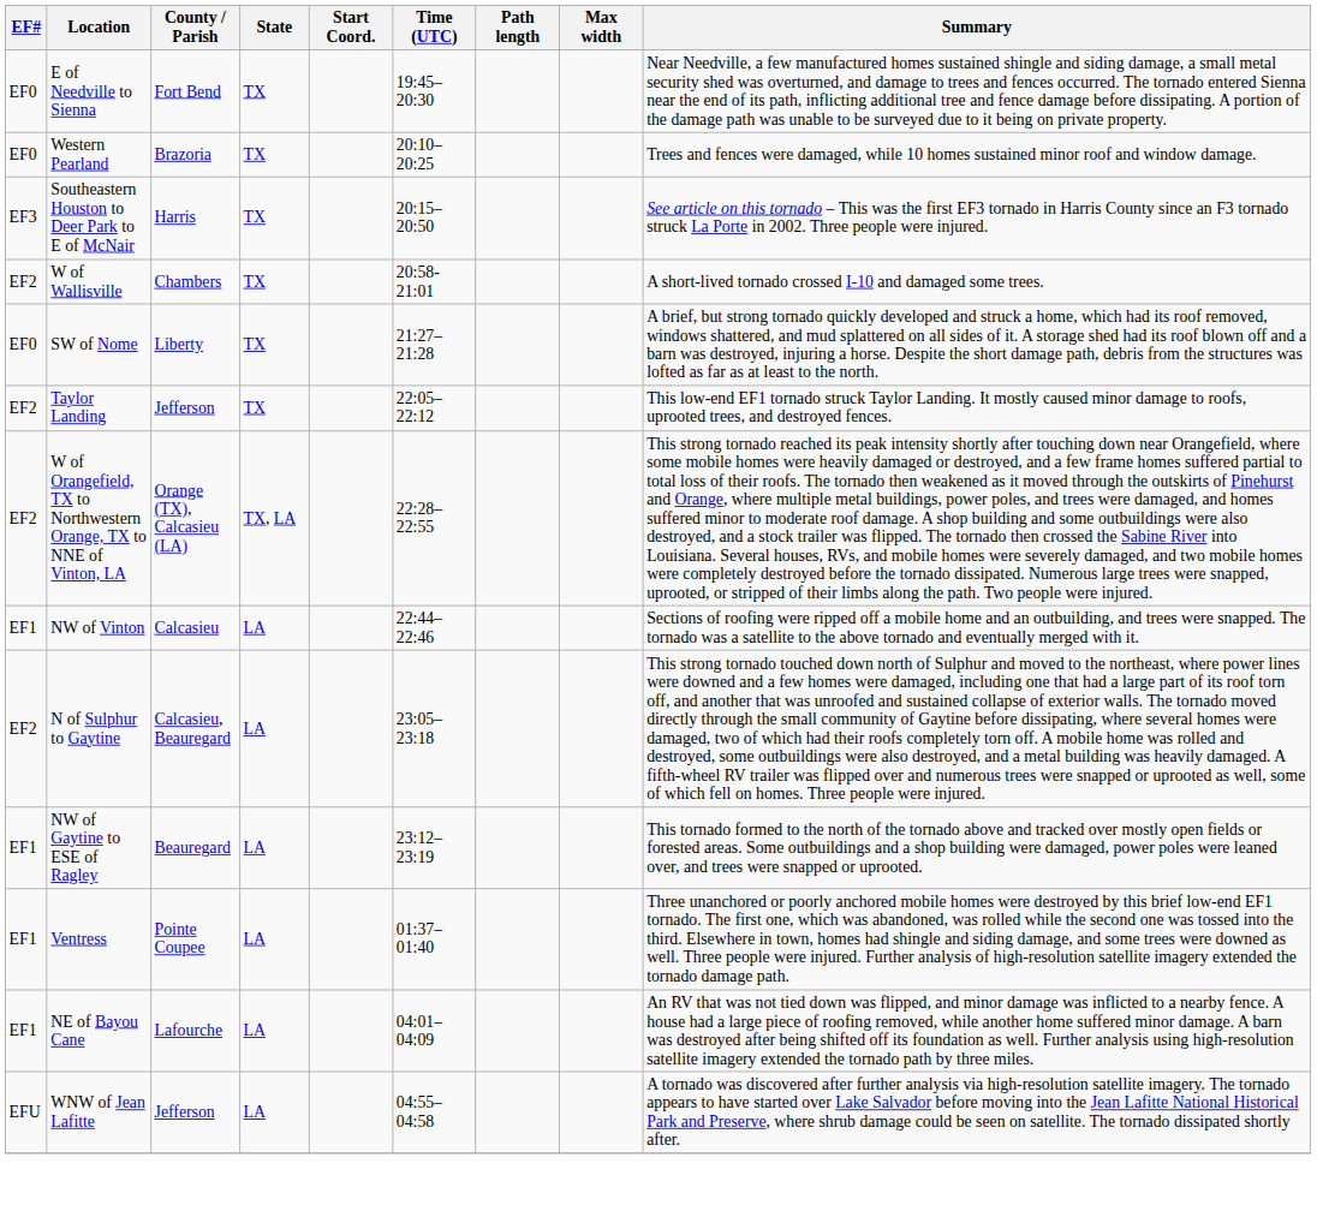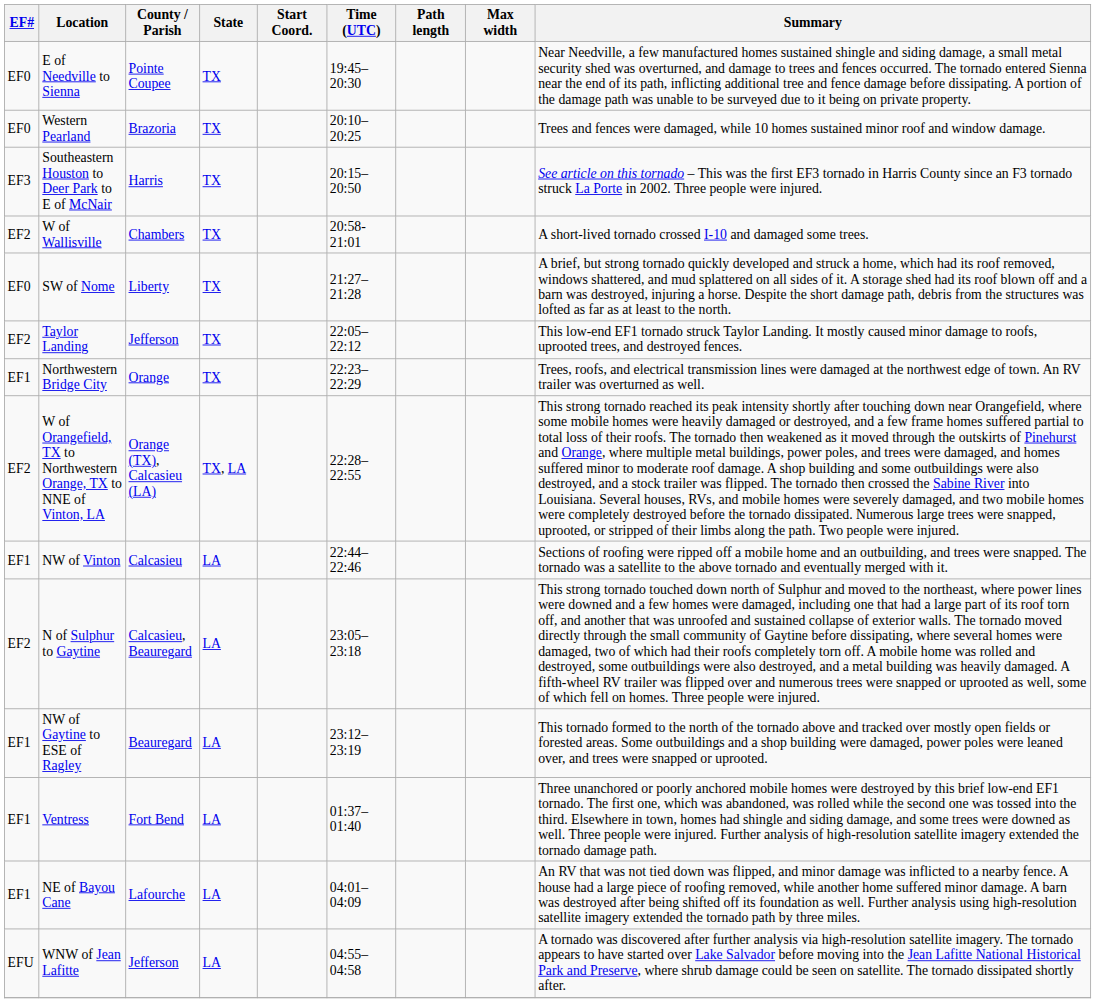 <table class="wikitable sortable" style="width:100%;">
 <tr>
 <th scope="col"  style="width:3%; text-align:center;"><a href='#'>EF#</a></th>
 <th scope="col"  style="width:7%; text-align:center;" class="unsortable">Location</th>
 <th scope="col"  style="width:6%; text-align:center;" class="unsortable">County / Parish</th>
 <th scope="col"  style="width:5%; text-align:center;">State</th>
 <th scope="col"  style="width:6%; text-align:center;">Start Coord.</th>
 <th scope="col"  style="width:6%; text-align:center;">Time (<a href='#'>UTC</a>)</th>
 <th scope="col"  style="width:6%; text-align:center;">Path length</th>
 <th scope="col"  style="width:6%; text-align:center;">Max width</th>
 <th scope="col" class="unsortable" style="width:48%; text-align:center;">Summary</th>
 </tr>
 <tr>
 <td>EF0</td>
 <td>E of <a href='#'>Needville</a> to <a href='#'>Sienna</a></td>
-<td><a href='#'>Fort Bend</a></td>
+<td><a href='#'>Pointe Coupee</a></td>
 <td><a href='#'>TX</a></td>
 <td></td>
 <td>19:45–20:30</td>
 <td></td>
 <td></td>
 <td>Near Needville, a few manufactured homes sustained shingle and siding damage, a small metal security shed was overturned, and damage to trees and fences occurred. The tornado entered Sienna near the end of its path, inflicting additional tree and fence damage before dissipating. A portion of the damage path was unable to be surveyed due to it being on private property.</td>
 </tr>
 <tr>
 <td>EF0</td>
 <td>Western <a href='#'>Pearland</a></td>
 <td><a href='#'>Brazoria</a></td>
 <td><a href='#'>TX</a></td>
 <td></td>
 <td>20:10–20:25</td>
 <td></td>
 <td></td>
 <td>Trees and fences were damaged, while 10 homes sustained minor roof and window damage.</td>
 </tr>
 <tr>
 <td>EF3</td>
 <td>Southeastern <a href='#'>Houston</a> to <a href='#'>Deer Park</a> to E of <a href='#'>McNair</a></td>
 <td><a href='#'>Harris</a></td>
 <td><a href='#'>TX</a></td>
 <td></td>
 <td>20:15–20:50</td>
 <td></td>
 <td></td>
 <td><em><a href='#'>See article on this tornado</a></em> – This was the first EF3 tornado in Harris County since an F3 tornado struck <a href='#'>La Porte</a> in 2002. Three people were injured.</td>
 </tr>
 <tr>
 <td>EF2</td>
 <td>W of <a href='#'>Wallisville</a></td>
 <td><a href='#'>Chambers</a></td>
 <td><a href='#'>TX</a></td>
 <td></td>
 <td>20:58-21:01</td>
 <td></td>
 <td></td>
 <td>A short-lived tornado crossed <a href='#'>I-10</a> and damaged some trees.</td>
 </tr>
 <tr>
 <td>EF0</td>
 <td>SW of <a href='#'>Nome</a></td>
 <td><a href='#'>Liberty</a></td>
 <td><a href='#'>TX</a></td>
 <td></td>
 <td>21:27–21:28</td>
 <td></td>
 <td></td>
 <td>A brief, but strong tornado quickly developed and struck a home, which had its roof removed, windows shattered, and mud splattered on all sides of it. A storage shed had its roof blown off and a barn was destroyed, injuring a horse. Despite the short damage path, debris from the structures was lofted as far as at least  to the north.</td>
 </tr>
 <tr>
 <td>EF2</td>
 <td><a href='#'>Taylor Landing</a></td>
 <td><a href='#'>Jefferson</a></td>
 <td><a href='#'>TX</a></td>
 <td></td>
 <td>22:05–22:12</td>
 <td></td>
 <td></td>
 <td>This low-end EF1 tornado struck Taylor Landing. It mostly caused minor damage to roofs, uprooted trees, and destroyed fences.</td>
 </tr>
 <tr>
+<td>EF1</td>
+<td>Northwestern <a href='#'>Bridge City</a></td>
+<td><a href='#'>Orange</a></td>
+<td><a href='#'>TX</a></td>
+<td></td>
+<td>22:23–22:29</td>
+<td></td>
+<td></td>
+<td>Trees, roofs, and electrical transmission lines were damaged at the northwest edge of town. An RV trailer was overturned as well.</td>
+</tr>
+<tr>
 <td>EF2</td>
 <td>W of <a href='#'>Orangefield, TX</a> to Northwestern <a href='#'>Orange, TX</a> to NNE of <a href='#'>Vinton, LA</a></td>
 <td><a href='#'>Orange (TX)</a>, <a href='#'>Calcasieu (LA)</a></td>
 <td><a href='#'>TX</a>, <a href='#'>LA</a></td>
 <td></td>
 <td>22:28–22:55</td>
 <td></td>
 <td></td>
 <td>This strong tornado reached its peak intensity shortly after touching down near Orangefield, where some mobile homes were heavily damaged or destroyed, and a few frame homes suffered partial to total loss of their roofs. The tornado then weakened as it moved through the outskirts of <a href='#'>Pinehurst</a> and <a href='#'>Orange</a>, where multiple metal buildings, power poles, and trees were damaged, and homes suffered minor to moderate roof damage. A shop building and some outbuildings were also destroyed, and a stock trailer was flipped. The tornado then crossed the <a href='#'>Sabine River</a> into Louisiana. Several houses, RVs, and mobile homes were severely damaged, and two mobile homes were completely destroyed before the tornado dissipated. Numerous large trees were snapped, uprooted, or stripped of their limbs along the path. Two people were injured.</td>
 </tr>
 <tr>
 <td>EF1</td>
 <td>NW of <a href='#'>Vinton</a></td>
 <td><a href='#'>Calcasieu</a></td>
 <td><a href='#'>LA</a></td>
 <td></td>
 <td>22:44–22:46</td>
 <td></td>
 <td></td>
 <td>Sections of roofing were ripped off a mobile home and an outbuilding, and trees were snapped. The tornado was a satellite to the above tornado and eventually merged with it.</td>
 </tr>
 <tr>
 <td>EF2</td>
 <td>N of <a href='#'>Sulphur</a> to <a href='#'>Gaytine</a></td>
 <td><a href='#'>Calcasieu</a>, <a href='#'>Beauregard</a></td>
 <td><a href='#'>LA</a></td>
 <td></td>
 <td>23:05–23:18</td>
 <td></td>
 <td></td>
 <td>This strong tornado touched down north of Sulphur and moved to the northeast, where power lines were downed and a few homes were damaged, including one that had a large part of its roof torn off, and another that was unroofed and sustained collapse of exterior walls. The tornado moved directly through the small community of Gaytine before dissipating, where several homes were damaged, two of which had their roofs completely torn off. A mobile home was rolled and destroyed, some outbuildings were also destroyed, and a metal building was heavily damaged. A fifth-wheel RV trailer was flipped over and numerous trees were snapped or uprooted as well, some of which fell on homes. Three people were injured.</td>
 </tr>
 <tr>
 <td>EF1</td>
 <td>NW of <a href='#'>Gaytine</a> to ESE of <a href='#'>Ragley</a></td>
 <td><a href='#'>Beauregard</a></td>
 <td><a href='#'>LA</a></td>
 <td></td>
 <td>23:12–23:19</td>
 <td></td>
 <td></td>
 <td>This tornado formed to the north of the tornado above and tracked over mostly open fields or forested areas. Some outbuildings and a shop building were damaged, power poles were leaned over, and trees were snapped or uprooted.</td>
 </tr>
 <tr>
 <td>EF1</td>
 <td><a href='#'>Ventress</a></td>
-<td><a href='#'>Pointe Coupee</a></td>
+<td><a href='#'>Fort Bend</a></td>
 <td><a href='#'>LA</a></td>
 <td></td>
 <td>01:37–01:40</td>
 <td></td>
 <td></td>
 <td>Three unanchored or poorly anchored mobile homes were destroyed by this brief low-end EF1 tornado. The first one, which was abandoned, was rolled while the second one was tossed into the third. Elsewhere in town, homes had shingle and siding damage, and some trees were downed as well. Three people were injured. Further analysis of high-resolution satellite imagery extended the tornado damage path.</td>
 </tr>
 <tr>
 <td>EF1</td>
 <td>NE of <a href='#'>Bayou Cane</a></td>
 <td><a href='#'>Lafourche</a></td>
 <td><a href='#'>LA</a></td>
 <td></td>
 <td>04:01–04:09</td>
 <td></td>
 <td></td>
 <td>An RV that was not tied down was flipped, and minor damage was inflicted to a nearby fence. A house had a large piece of roofing removed, while another home suffered minor damage. A barn was destroyed after being shifted off its foundation as well. Further analysis using high-resolution satellite imagery extended the tornado path by three miles.</td>
 </tr>
 <tr>
 <td>EFU</td>
 <td>WNW of <a href='#'>Jean Lafitte</a></td>
 <td><a href='#'>Jefferson</a></td>
 <td><a href='#'>LA</a></td>
 <td></td>
 <td>04:55–04:58</td>
 <td></td>
 <td></td>
 <td>A tornado was discovered after further analysis via high-resolution satellite imagery. The tornado appears to have started over <a href='#'>Lake Salvador</a> before moving into the <a href='#'>Jean Lafitte National Historical Park and Preserve</a>, where shrub damage could be seen on satellite. The tornado dissipated shortly after.</td>
 </tr>
 <tr>
 </tr>
 </table>
